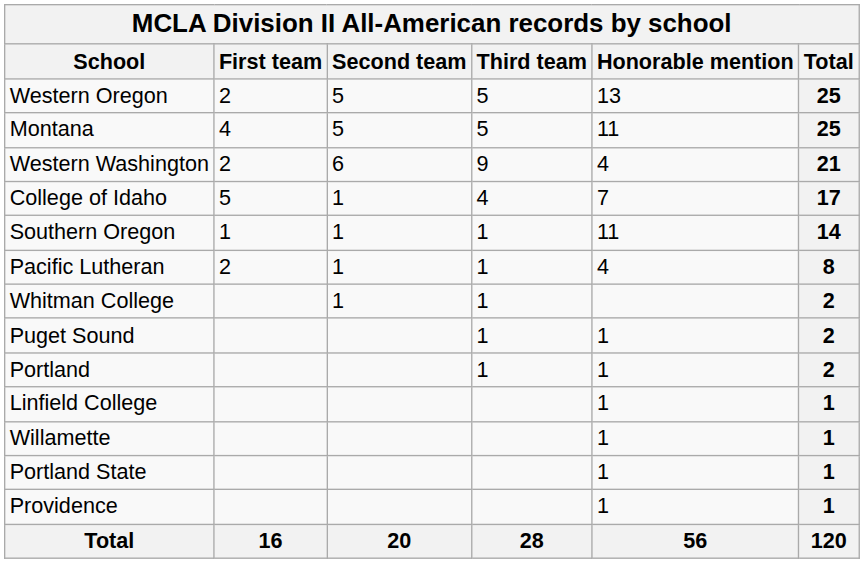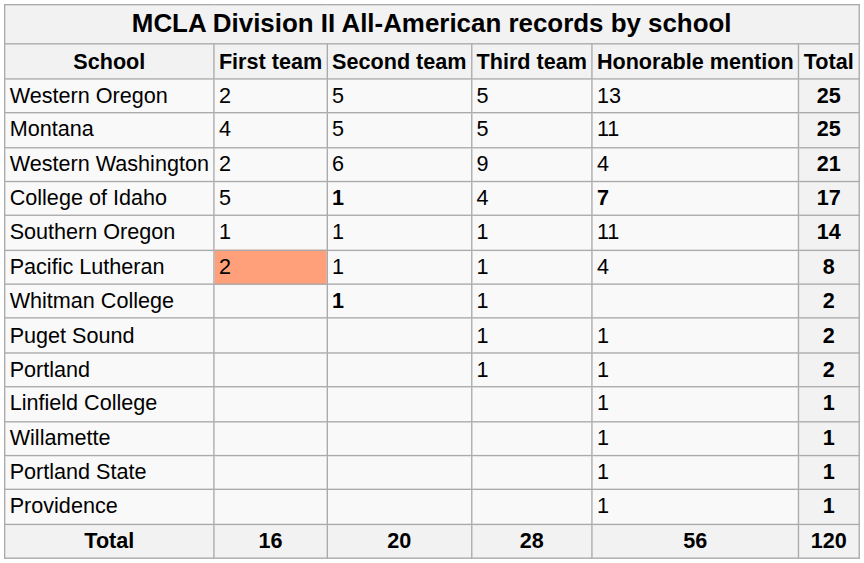 <table class="wikitable sortable mw-collapsible mw-collapsed">
 <tr>
 <th colspan="6"><big>MCLA Division II All-American records by school</big></th>
 </tr>
 <tr>
 <th>School</th>
 <th>First team</th>
 <th>Second team</th>
 <th>Third team</th>
 <th>Honorable mention</th>
 <th>Total</th>
 </tr>
 <tr>
 <td>Western Oregon</td>
 <td>2</td>
 <td>5</td>
 <td>5</td>
 <td>13</td>
 <th>25</th>
 </tr>
 <tr>
 <td>Montana</td>
 <td>4</td>
 <td>5</td>
 <td>5</td>
 <td>11</td>
 <th>25</th>
 </tr>
 <tr>
 <td>Western Washington</td>
 <td>2</td>
 <td>6</td>
 <td>9</td>
 <td>4</td>
 <th>21</th>
 </tr>
 <tr>
 <td>College of Idaho</td>
 <td>5</td>
-<td>1</td>
+<td><strong>1</strong></td>
 <td>4</td>
-<td>7</td>
+<td><strong>7</strong></td>
 <th>17</th>
 </tr>
 <tr>
 <td>Southern Oregon</td>
 <td>1</td>
 <td>1</td>
 <td>1</td>
 <td>11</td>
 <th>14</th>
 </tr>
 <tr>
 <td>Pacific Lutheran</td>
-<td>2</td>
+<td style="background: lightsalmon;">2</td>
 <td>1</td>
 <td>1</td>
 <td>4</td>
 <th>8</th>
 </tr>
 <tr>
 <td>Whitman College</td>
 <td></td>
-<td>1</td>
+<td><strong>1</strong></td>
 <td>1</td>
 <td></td>
 <th>2</th>
 </tr>
 <tr>
 <td>Puget Sound</td>
 <td></td>
 <td></td>
 <td>1</td>
 <td>1</td>
 <th>2</th>
 </tr>
 <tr>
 <td>Portland</td>
 <td></td>
 <td></td>
 <td>1</td>
 <td>1</td>
 <th>2</th>
 </tr>
 <tr>
 <td>Linfield College</td>
 <td></td>
 <td></td>
 <td></td>
 <td>1</td>
 <th>1</th>
 </tr>
 <tr>
 <td>Willamette</td>
 <td></td>
 <td></td>
 <td></td>
 <td>1</td>
 <th>1</th>
 </tr>
 <tr>
 <td>Portland State</td>
 <td></td>
 <td></td>
 <td></td>
 <td>1</td>
 <th>1</th>
 </tr>
 <tr>
 <td>Providence</td>
 <td></td>
 <td></td>
 <td></td>
 <td>1</td>
 <th>1</th>
 </tr>
 <tr>
 <th>Total</th>
 <th>16</th>
 <th>20</th>
 <th>28</th>
 <th>56</th>
 <th>120</th>
 </tr>
 </table>
